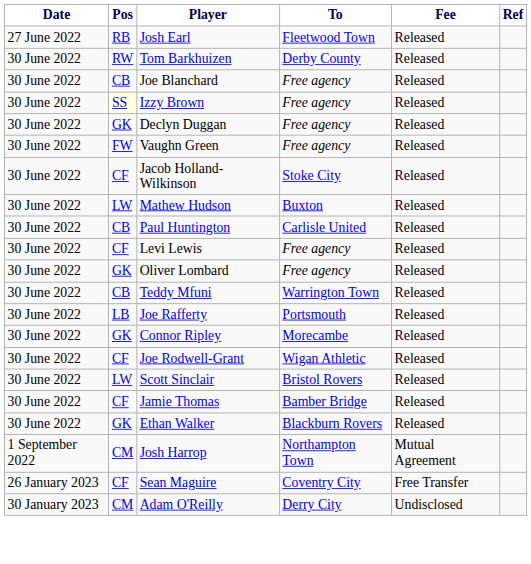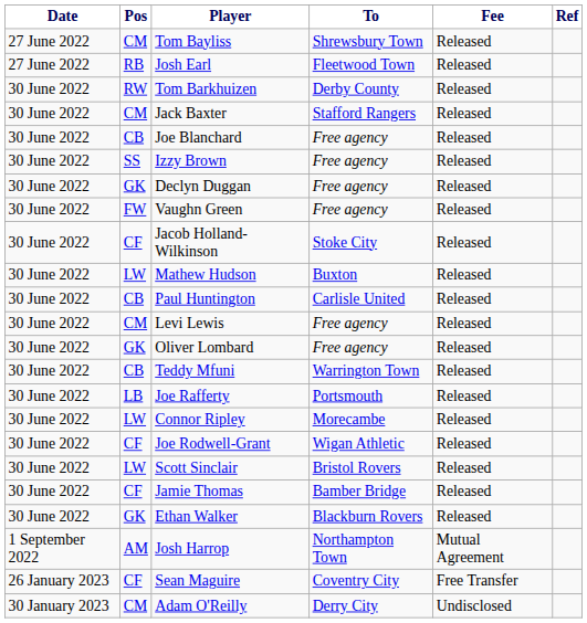 <table class="wikitable plainrowheaders sortable">
 <tr>
 <th style="background:#FFFFFF; color:#00005a; ">Date</th>
 <th style="background:#FFFFFF; color:#00005a; ">Pos</th>
 <th style="background:#FFFFFF; color:#00005a; ">Player</th>
 <th style="background:#FFFFFF; color:#00005a; ">To</th>
 <th style="background:#FFFFFF; color:#00005a; ">Fee</th>
 <th style="background:#FFFFFF; color:#00005a; ">Ref</th>
+</tr>
+<tr>
+<td>27 June 2022</td>
+<td><a href='#'>CM</a></td>
+<td> <a href='#'>Tom Bayliss</a></td>
+<td> <a href='#'>Shrewsbury Town</a></td>
+<td>Released</td>
+<td></td>
 </tr>
 <tr>
 <td>27 June 2022</td>
 <td><a href='#'>RB</a></td>
 <td> <a href='#'>Josh Earl</a></td>
 <td> <a href='#'>Fleetwood Town</a></td>
 <td>Released</td>
 <td></td>
 </tr>
 <tr>
 <td>30 June 2022</td>
 <td><a href='#'>RW</a></td>
 <td> <a href='#'>Tom Barkhuizen</a></td>
 <td> <a href='#'>Derby County</a></td>
 <td>Released</td>
 <td></td>
 </tr>
 <tr>
 <td>30 June 2022</td>
+<td><a href='#'>CM</a></td>
+<td> Jack Baxter</td>
+<td> <a href='#'>Stafford Rangers</a></td>
+<td>Released</td>
+<td></td>
+</tr>
+<tr>
+<td>30 June 2022</td>
 <td><a href='#'>CB</a></td>
 <td> Joe Blanchard</td>
 <td><em>Free agency</em></td>
 <td>Released</td>
 <td></td>
 </tr>
 <tr>
 <td>30 June 2022</td>
-<td style="background: lightyellow;"><a href='#'>SS</a></td>
+<td><a href='#'>SS</a></td>
 <td> <a href='#'>Izzy Brown</a></td>
 <td><em>Free agency</em></td>
 <td>Released</td>
 <td></td>
 </tr>
 <tr>
 <td>30 June 2022</td>
 <td><a href='#'>GK</a></td>
 <td> Declyn Duggan</td>
 <td><em>Free agency</em></td>
 <td>Released</td>
 <td></td>
 </tr>
 <tr>
 <td>30 June 2022</td>
 <td><a href='#'>FW</a></td>
 <td> Vaughn Green</td>
 <td><em>Free agency</em></td>
 <td>Released</td>
 <td></td>
 </tr>
 <tr>
 <td>30 June 2022</td>
 <td><a href='#'>CF</a></td>
 <td> Jacob Holland-Wilkinson</td>
 <td> <a href='#'>Stoke City</a></td>
 <td>Released</td>
 <td></td>
 </tr>
 <tr>
 <td>30 June 2022</td>
 <td><a href='#'>LW</a></td>
 <td> <a href='#'>Mathew Hudson</a></td>
 <td> <a href='#'>Buxton</a></td>
 <td>Released</td>
 <td></td>
 </tr>
 <tr>
 <td>30 June 2022</td>
 <td><a href='#'>CB</a></td>
 <td> <a href='#'>Paul Huntington</a></td>
 <td> <a href='#'>Carlisle United</a></td>
 <td>Released</td>
 <td></td>
 </tr>
 <tr>
 <td>30 June 2022</td>
-<td><a href='#'>CF</a></td>
+<td><a href='#'>CM</a></td>
 <td> Levi Lewis</td>
 <td><em>Free agency</em></td>
 <td>Released</td>
 <td></td>
 </tr>
 <tr>
 <td>30 June 2022</td>
 <td><a href='#'>GK</a></td>
 <td> Oliver Lombard</td>
 <td><em>Free agency</em></td>
 <td>Released</td>
 <td></td>
 </tr>
 <tr>
 <td>30 June 2022</td>
 <td><a href='#'>CB</a></td>
 <td> <a href='#'>Teddy Mfuni</a></td>
 <td> <a href='#'>Warrington Town</a></td>
 <td>Released</td>
 <td></td>
 </tr>
 <tr>
 <td>30 June 2022</td>
 <td><a href='#'>LB</a></td>
 <td> <a href='#'>Joe Rafferty</a></td>
 <td> <a href='#'>Portsmouth</a></td>
 <td>Released</td>
 <td></td>
 </tr>
 <tr>
 <td>30 June 2022</td>
-<td><a href='#'>GK</a></td>
+<td><a href='#'>LW</a></td>
 <td> <a href='#'>Connor Ripley</a></td>
 <td> <a href='#'>Morecambe</a></td>
 <td>Released</td>
 <td></td>
 </tr>
 <tr>
 <td>30 June 2022</td>
 <td><a href='#'>CF</a></td>
 <td> <a href='#'>Joe Rodwell-Grant</a></td>
 <td> <a href='#'>Wigan Athletic</a></td>
 <td>Released</td>
 <td></td>
 </tr>
 <tr>
 <td>30 June 2022</td>
 <td><a href='#'>LW</a></td>
 <td> <a href='#'>Scott Sinclair</a></td>
 <td> <a href='#'>Bristol Rovers</a></td>
 <td>Released</td>
 <td></td>
 </tr>
 <tr>
 <td>30 June 2022</td>
 <td><a href='#'>CF</a></td>
 <td> <a href='#'>Jamie Thomas</a></td>
 <td> <a href='#'>Bamber Bridge</a></td>
 <td>Released</td>
 <td></td>
 </tr>
 <tr>
 <td>30 June 2022</td>
 <td><a href='#'>GK</a></td>
 <td> <a href='#'>Ethan Walker</a></td>
 <td> <a href='#'>Blackburn Rovers</a></td>
 <td>Released</td>
 <td></td>
 </tr>
 <tr>
 <td>1 September 2022</td>
-<td><a href='#'>CM</a></td>
+<td><a href='#'>AM</a></td>
 <td> <a href='#'>Josh Harrop</a></td>
 <td> <a href='#'>Northampton Town</a></td>
 <td>Mutual Agreement</td>
 <td></td>
 </tr>
 <tr>
 <td>26 January 2023</td>
 <td><a href='#'>CF</a></td>
 <td> <a href='#'>Sean Maguire</a></td>
 <td> <a href='#'>Coventry City</a></td>
 <td>Free Transfer</td>
 <td></td>
 </tr>
 <tr>
 <td>30 January 2023</td>
 <td><a href='#'>CM</a></td>
 <td> <a href='#'>Adam O'Reilly</a></td>
 <td> <a href='#'>Derry City</a></td>
 <td>Undisclosed</td>
 <td></td>
 </tr>
 </table>
